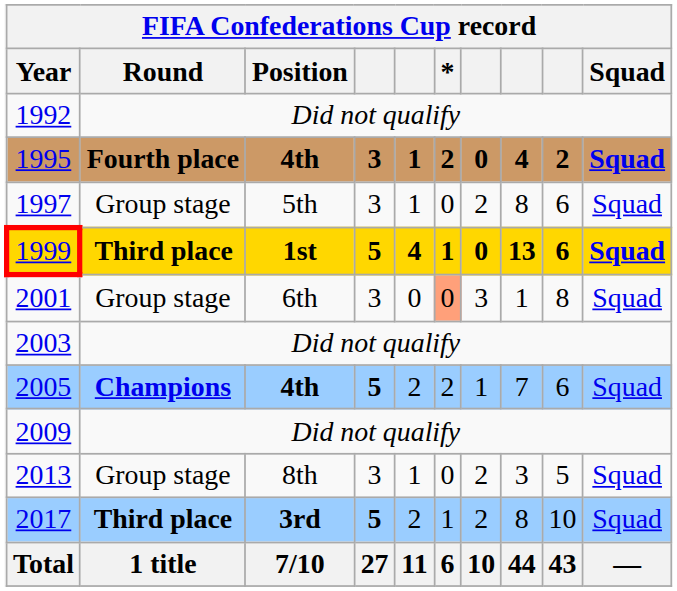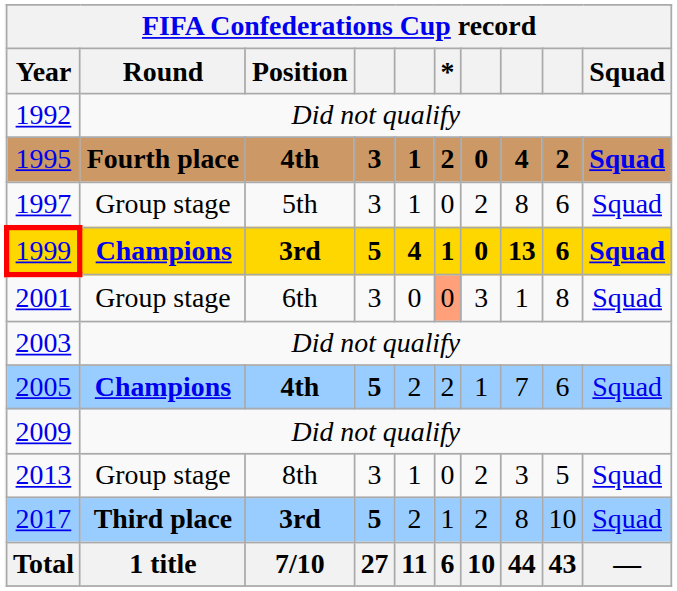 <table class="wikitable" style="text-align: center;">
 <tr>
 <th colspan=10><a href='#'>FIFA Confederations Cup</a> record</th>
 </tr>
 <tr>
 <th>Year</th>
 <th>Round</th>
 <th>Position</th>
 <th></th>
 <th></th>
 <th>*</th>
 <th></th>
 <th></th>
 <th></th>
 <th>Squad</th>
 </tr>
 <tr>
 <td> <a href='#'>1992</a></td>
 <td colspan=9><em>Did not qualify</em></td>
 </tr>
 <tr bgcolor="#cc9966">
 <td> <a href='#'>1995</a></td>
 <td><strong>Fourth place</strong></td>
 <td><strong>4th</strong></td>
 <td><strong>3</strong></td>
 <td><strong>1</strong></td>
 <td><strong>2</strong></td>
 <td><strong>0</strong></td>
 <td><strong>4</strong></td>
 <td><strong>2</strong></td>
 <td><strong><a href='#'>Squad</a></strong></td>
 </tr>
 <tr>
 <td> <a href='#'>1997</a></td>
 <td>Group stage</td>
 <td>5th</td>
 <td>3</td>
 <td>1</td>
 <td>0</td>
 <td>2</td>
 <td>8</td>
 <td>6</td>
 <td><a href='#'>Squad</a></td>
 </tr>
 <tr bgcolor=gold>
 <td style="border: 3px solid red"> <a href='#'>1999</a></td>
-<td><strong>Third place</strong></td>
-<td><strong>1st</strong></td>
+<td><strong><a href='#'>Champions</a></strong></td>
+<td><strong>3rd</strong></td>
 <td><strong>5</strong></td>
 <td><strong>4</strong></td>
 <td><strong>1</strong></td>
 <td><strong>0</strong></td>
 <td><strong>13</strong></td>
 <td><strong>6</strong></td>
 <td><strong><a href='#'>Squad</a></strong></td>
 </tr>
 <tr>
 <td> <a href='#'>2001</a></td>
 <td>Group stage</td>
 <td>6th</td>
 <td>3</td>
 <td>0</td>
 <td style="background: lightsalmon;">0</td>
 <td>3</td>
 <td>1</td>
 <td>8</td>
 <td><a href='#'>Squad</a></td>
 </tr>
 <tr>
 <td> <a href='#'>2003</a></td>
 <td colspan=9><em>Did not qualify</em></td>
 </tr>
 <tr style="background:#9acdff">
 <td> <a href='#'>2005</a></td>
 <td><strong><a href='#'>Champions</a></strong></td>
 <td><strong>4th</strong></td>
 <td><strong>5</strong></td>
 <td>2</td>
 <td>2</td>
 <td>1</td>
 <td>7</td>
 <td>6</td>
 <td><a href='#'>Squad</a></td>
 </tr>
 <tr>
 <td> <a href='#'>2009</a></td>
 <td colspan=9><em>Did not qualify</em></td>
 </tr>
 <tr>
 <td> <a href='#'>2013</a></td>
 <td>Group stage</td>
 <td>8th</td>
 <td>3</td>
 <td>1</td>
 <td>0</td>
 <td>2</td>
 <td>3</td>
 <td>5</td>
 <td><a href='#'>Squad</a></td>
 </tr>
 <tr style="background:#9acdff">
 <td> <a href='#'>2017</a></td>
 <td><strong>Third place</strong></td>
 <td><strong>3rd</strong></td>
 <td><strong>5</strong></td>
 <td>2</td>
 <td>1</td>
 <td>2</td>
 <td>8</td>
 <td>10</td>
 <td><a href='#'>Squad</a></td>
 </tr>
 <tr>
 <th>Total</th>
 <th>1 title</th>
 <th>7/10</th>
 <th>27</th>
 <th>11</th>
 <th>6</th>
 <th>10</th>
 <th>44</th>
 <th>43</th>
 <th>—</th>
 </tr>
 </table>
